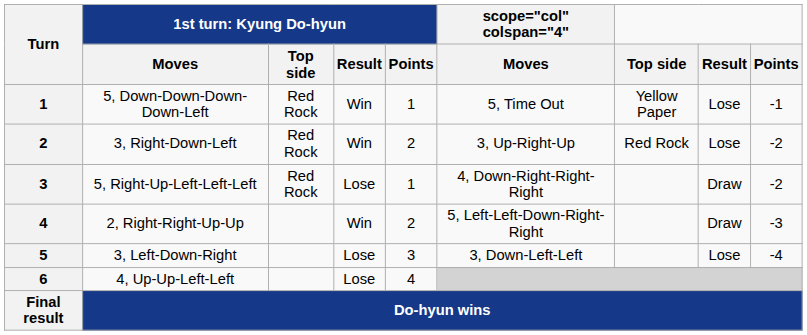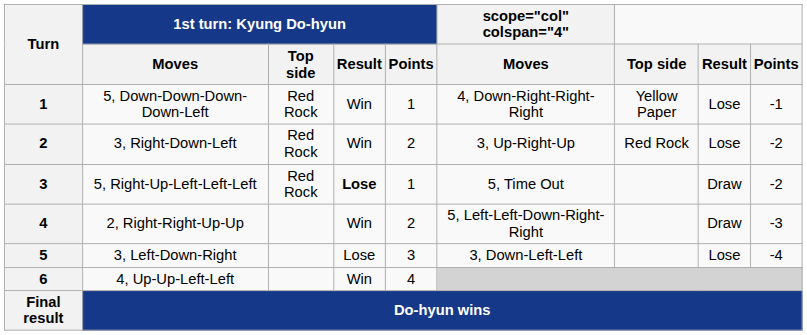 <table class="wikitable" style="text-align:center">
 <tr>
 <th scope="col" rowspan="2">Turn</th>
 <th scope="col" colspan="4" style="background-color:#153888; color:white">1st turn: Kyung Do-hyun</th>
 <th>scope="col" colspan="4"  </th>
 </tr>
 <tr>
 <th scope="col">Moves</th>
 <th scope="col">Top side</th>
 <th scope="col">Result</th>
 <th scope="col">Points</th>
 <th scope="col">Moves</th>
 <th scope="col">Top side</th>
 <th scope="col">Result</th>
 <th scope="col">Points</th>
 </tr>
 <tr>
 <th scope="row">1</th>
 <td>5, Down-Down-Down-Down-Left</td>
 <td>Red Rock</td>
 <td>Win</td>
 <td>1</td>
-<td>5, Time Out</td>
+<td>4, Down-Right-Right-Right</td>
 <td>Yellow Paper</td>
 <td>Lose</td>
 <td>-1</td>
 </tr>
 <tr>
 <th scope="row">2</th>
 <td>3, Right-Down-Left</td>
 <td>Red Rock</td>
 <td>Win</td>
 <td>2</td>
 <td>3, Up-Right-Up</td>
 <td>Red Rock</td>
 <td>Lose</td>
 <td>-2</td>
 </tr>
 <tr>
 <th scope="row">3</th>
 <td>5, Right-Up-Left-Left-Left</td>
 <td>Red Rock</td>
-<td>Lose</td>
+<td><strong>Lose</strong></td>
 <td>1</td>
-<td>4, Down-Right-Right-Right</td>
+<td>5, Time Out</td>
 <td></td>
 <td>Draw</td>
 <td>-2</td>
 </tr>
 <tr>
 <th scope="row">4</th>
 <td>2, Right-Right-Up-Up</td>
 <td></td>
 <td>Win</td>
 <td>2</td>
 <td>5, Left-Left-Down-Right-Right</td>
 <td></td>
 <td>Draw</td>
 <td>-3</td>
 </tr>
 <tr>
 <th scope="row">5</th>
 <td>3, Left-Down-Right</td>
 <td></td>
 <td>Lose</td>
 <td>3</td>
 <td>3, Down-Left-Left</td>
 <td></td>
 <td>Lose</td>
 <td>-4</td>
 </tr>
 <tr>
 <th scope="row">6</th>
 <td>4, Up-Up-Left-Left</td>
 <td></td>
-<td>Lose</td>
+<td>Win</td>
 <td>4</td>
 <td colspan="4" style="background-color:lightgrey"></td>
 </tr>
 <tr>
 <th scope="row">Final result</th>
 <td colspan="8" style="background-color:#153888; color:white"><strong>Do-hyun wins</strong></td>
 </tr>
 </table>
